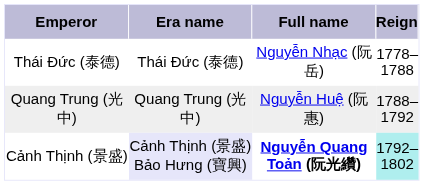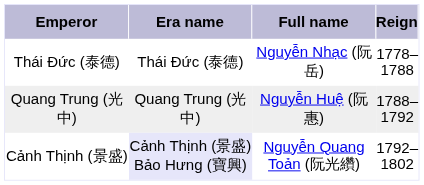 <table width=50% cellpadding=0 cellspacing=0 style="text-align: center; border: 1px solid #E6E6FA;">
 <tr bgcolor="#BDBBD7" style="height:36px;">
 <th width="30%" style="border-right: 1px solid #FFFFFF;">Emperor</th>
 <th width="30%" style="border-right: 1px solid #FFFFFF;">Era name</th>
 <th width="30%" style="border-right: 1px solid #FFFFFF;">Full name</th>
 <th width="30%" colspan="3" style="border-right: 1px solid #FFFFFF;">Reign</th>
 </tr>
 <tr style="height:50px;">
 <td>Thái Đức (泰德)</td>
 <td>Thái Đức (泰德)</td>
 <td><a href='#'>Nguyễn Nhạc</a> (阮岳)</td>
 <td>1778–1788</td>
 </tr>
 <tr style="height:50px;" bgcolor="#EFEFEF">
 <td>Quang Trung (光中)</td>
 <td>Quang Trung (光中)</td>
 <td><a href='#'>Nguyễn Huệ</a> (阮惠)</td>
 <td>1788–1792</td>
 </tr>
 <tr style="height:50px;">
 <td>Cảnh Thịnh (景盛)</td>
 <td style="background: lavender;">Cảnh Thịnh (景盛)<br>Bảo Hưng (寶興)</td>
-<td><strong><a href='#'>Nguyễn Quang Toản</a> (阮光纘)</strong></td>
-<td style="background: paleturquoise;">1792–1802</td>
+<td><a href='#'>Nguyễn Quang Toản</a> (阮光纘)</td>
+<td>1792–1802</td>
 </tr>
 </table>
